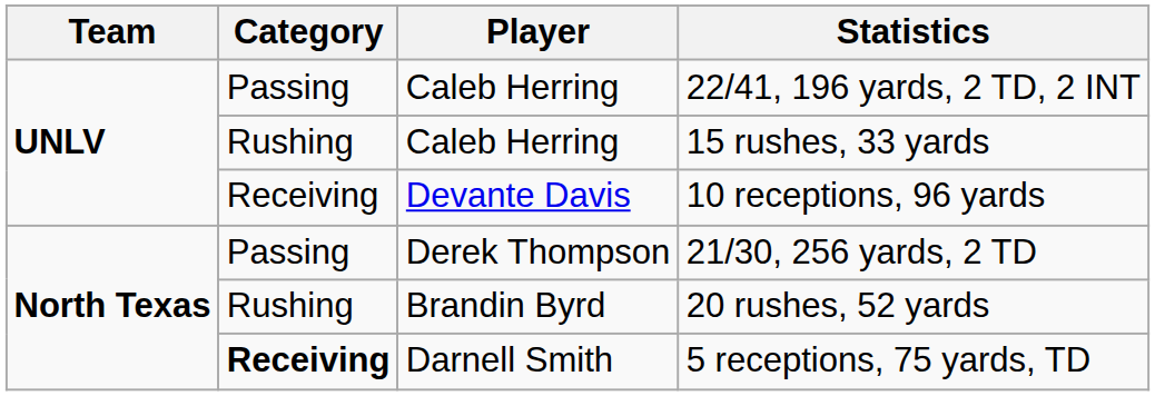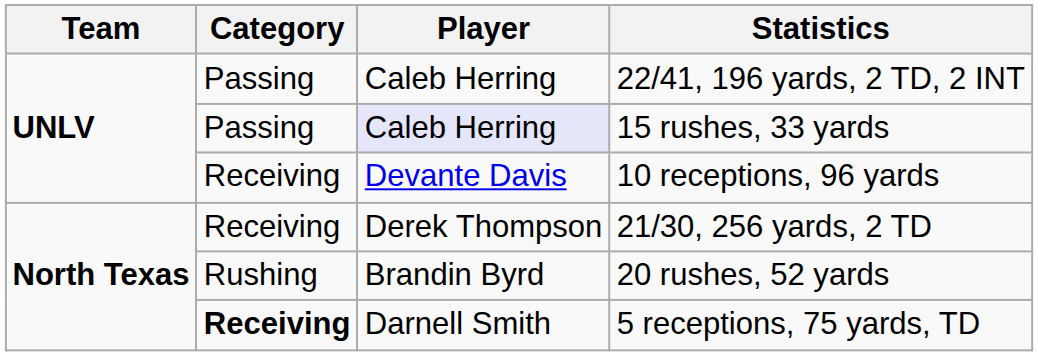 <table class="wikitable" style="float: right;">
 <tr>
 <th>Team</th>
 <th>Category</th>
 <th>Player</th>
 <th>Statistics</th>
 </tr>
 <tr>
 <td rowspan=3><strong>UNLV</strong></td>
 <td>Passing</td>
 <td>Caleb Herring</td>
 <td>22/41, 196 yards, 2 TD, 2 INT</td>
 </tr>
 <tr>
-<td>Rushing</td>
-<td>Caleb Herring</td>
+<td>Passing</td>
+<td style="background: lavender;">Caleb Herring</td>
 <td>15 rushes, 33 yards</td>
 </tr>
 <tr>
 <td>Receiving</td>
 <td><a href='#'>Devante Davis</a></td>
 <td>10 receptions, 96 yards</td>
 </tr>
 <tr>
 <td rowspan=3><strong>North Texas</strong></td>
-<td>Passing</td>
+<td>Receiving</td>
 <td>Derek Thompson</td>
 <td>21/30, 256 yards, 2 TD</td>
 </tr>
 <tr>
 <td>Rushing</td>
 <td>Brandin Byrd</td>
 <td>20 rushes, 52 yards</td>
 </tr>
 <tr>
 <td><strong>Receiving</strong></td>
 <td>Darnell Smith</td>
 <td>5 receptions, 75 yards, TD</td>
 </tr>
 </table>
